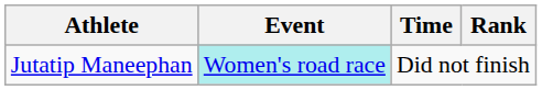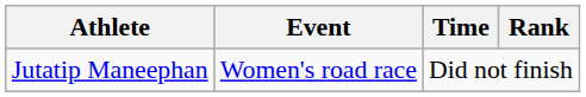 <table class="wikitable" style="font-size:90%">
 <tr>
 <th>Athlete</th>
 <th>Event</th>
 <th>Time</th>
 <th>Rank</th>
 </tr>
 <tr align=center>
 <td align=left><a href='#'>Jutatip Maneephan</a></td>
-<td align=left style="background: paleturquoise;"><a href='#'>Women's road race</a></td>
+<td align=left><a href='#'>Women's road race</a></td>
 <td colspan=2>Did not finish</td>
 </tr>
 </table>
